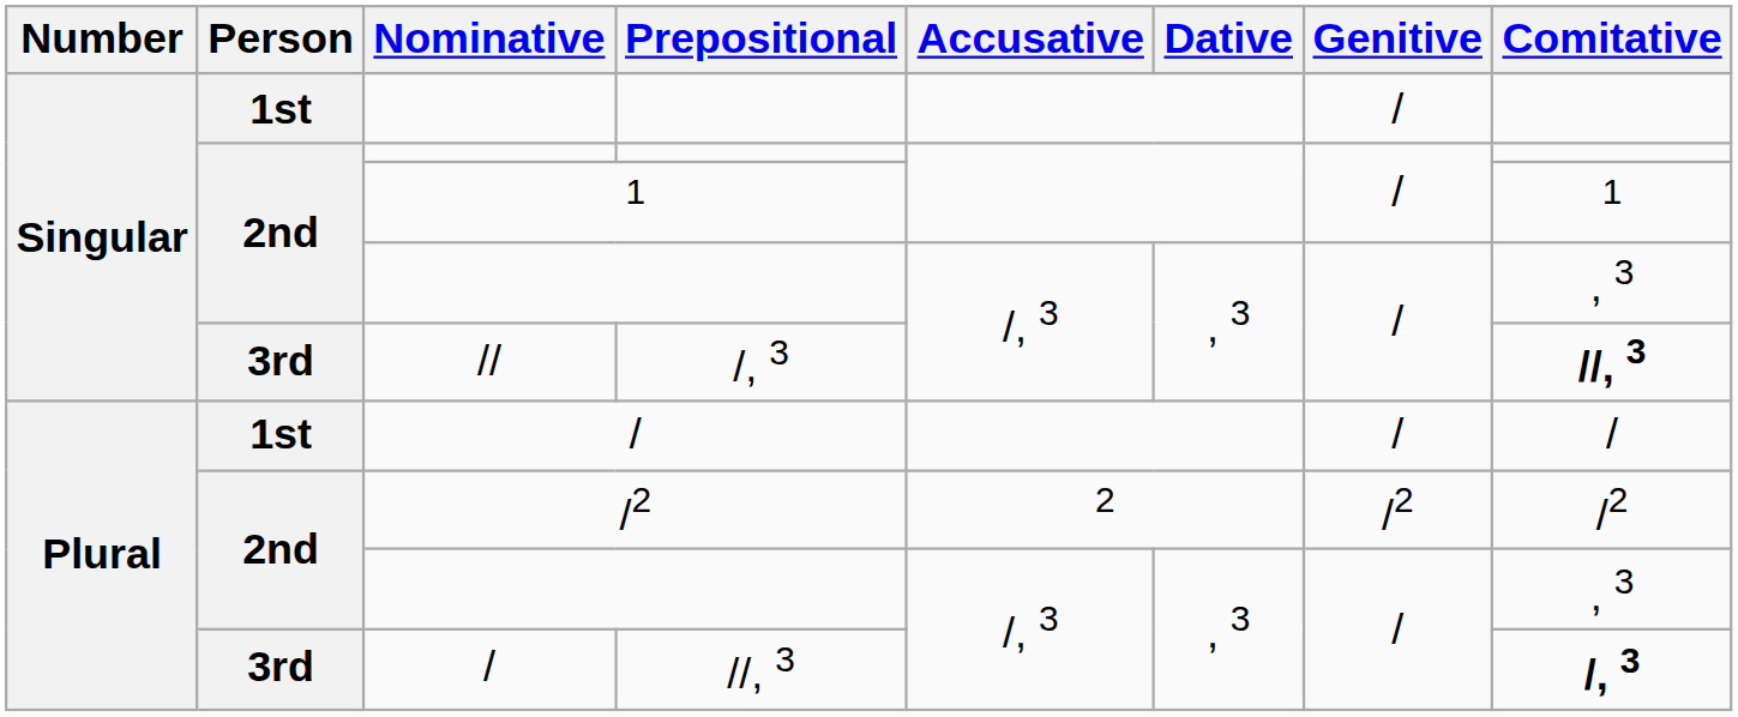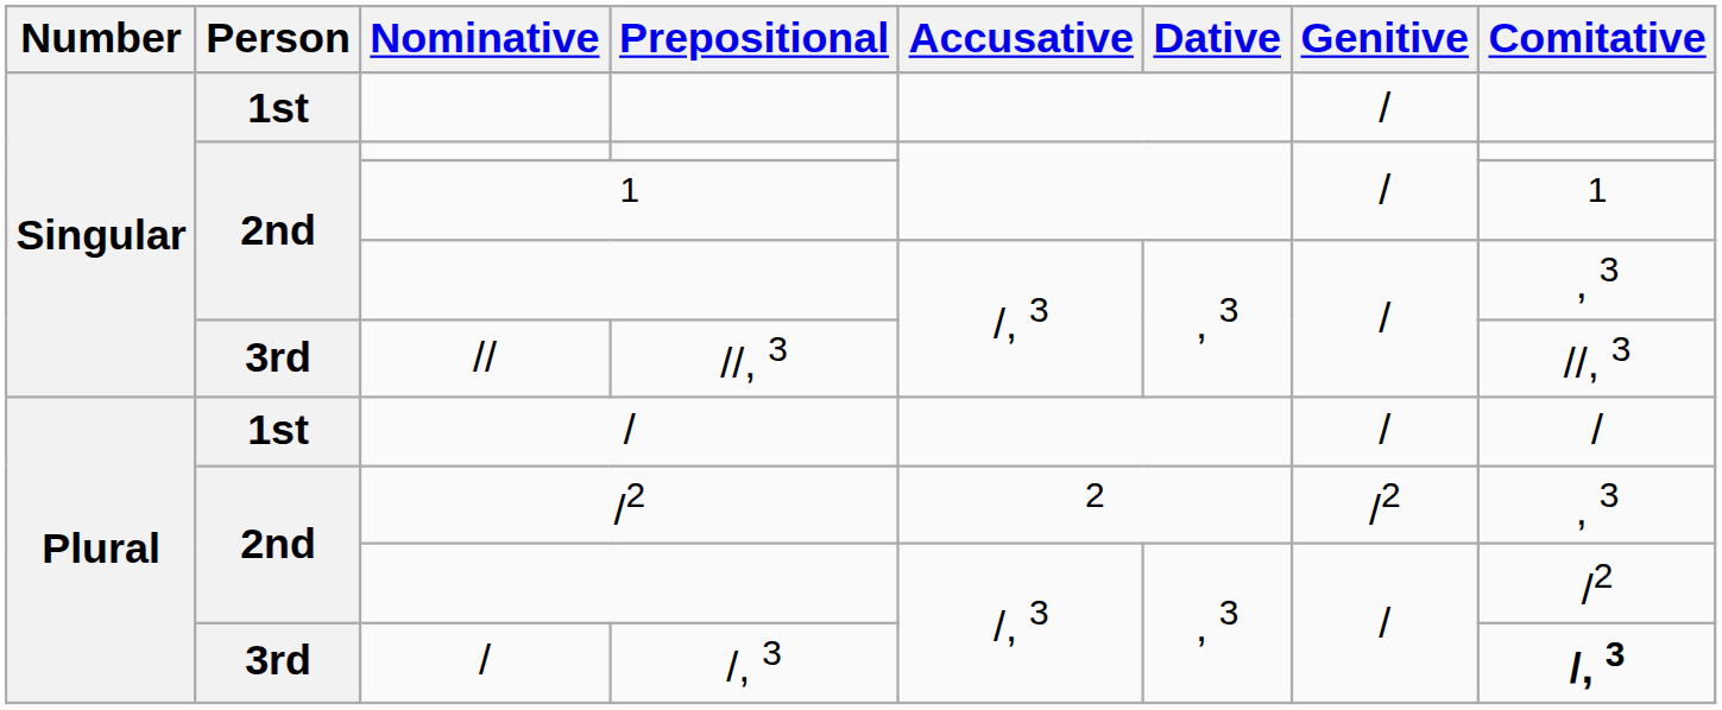 <table class="wikitable" style="text-align: center;">
 <tr>
 <th>Number</th>
 <th>Person</th>
 <th><a href='#'>Nominative</a></th>
 <th><a href='#'>Prepositional</a></th>
 <th><a href='#'>Accusative</a></th>
 <th><a href='#'>Dative</a></th>
 <th><a href='#'>Genitive</a></th>
 <th><a href='#'>Comitative</a></th>
 </tr>
 <tr style="background-color: #fafafa">
 <th rowspan="5">Singular</th>
 <th>1st</th>
 <td></td>
 <td></td>
 <td colspan="2"></td>
 <td>/</td>
 <td></td>
 </tr>
 <tr style="background-color: #fafafa">
 <th rowspan="3">2nd</th>
 <td></td>
 <td></td>
 <td colspan="2" rowspan="2"></td>
 <td rowspan="2">/</td>
 <td></td>
 </tr>
 <tr style="background-color: #fafafa">
 <td colspan="2"><sup>1</sup></td>
 <td><sup>1</sup></td>
 </tr>
 <tr style="background-color: #fafafa">
 <td colspan="2"></td>
 <td rowspan="2">/, <sup>3</sup></td>
 <td rowspan="2">, <sup>3</sup></td>
 <td rowspan="2">/</td>
 <td>, <sup>3</sup></td>
 </tr>
 <tr style="background-color: #fafafa">
 <th>3rd</th>
 <td>//</td>
-<td>/, <sup>3</sup></td>
-<td><strong>//, <sup>3</sup></strong></td>
+<td>//, <sup>3</sup></td>
+<td>//, <sup>3</sup></td>
 </tr>
 <tr style="background-color: #fafafa">
 <th rowspan="4">Plural</th>
 <th>1st</th>
 <td colspan="2">/</td>
 <td colspan="2"></td>
 <td>/</td>
 <td>/</td>
 </tr>
 <tr style="background-color: #fafafa">
 <th rowspan="2">2nd</th>
 <td colspan="2">/<sup>2</sup></td>
 <td colspan="2"><sup>2</sup></td>
 <td>/<sup>2</sup></td>
-<td>/<sup>2</sup></td>
+<td>, <sup>3</sup></td>
 </tr>
 <tr style="background-color: #fafafa">
 <td colspan="2"></td>
 <td rowspan="2">/, <sup>3</sup></td>
 <td rowspan="2">, <sup>3</sup></td>
 <td rowspan="2">/</td>
-<td>, <sup>3</sup></td>
+<td>/<sup>2</sup></td>
 </tr>
 <tr style="background-color: #fafafa">
 <th>3rd</th>
 <td>/</td>
-<td>//, <sup>3</sup></td>
+<td>/, <sup>3</sup></td>
 <td><strong>/, <sup>3</sup></strong></td>
 </tr>
 </table>
